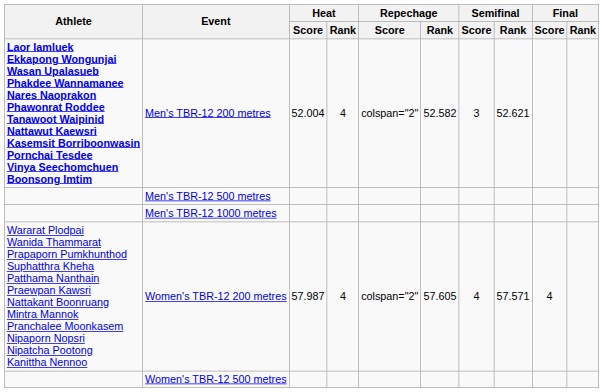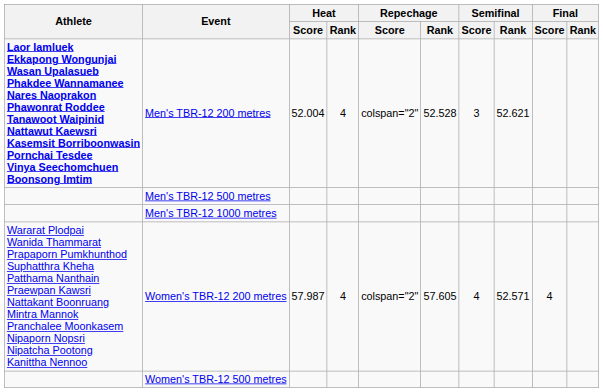 <table class="wikitable" style="font-size:90%; text-align:center">
 <tr>
 <th rowspan="2">Athlete</th>
 <th rowspan="2">Event</th>
 <th colspan="2">Heat</th>
 <th colspan="2">Repechage</th>
 <th colspan="2">Semifinal</th>
 <th colspan="2">Final</th>
 </tr>
 <tr>
 <th>Score</th>
 <th>Rank</th>
 <th>Score</th>
 <th>Rank</th>
 <th>Score</th>
 <th>Rank</th>
 <th>Score</th>
 <th>Rank</th>
 </tr>
 <tr>
 <td align="left"><strong><a href='#'>Laor Iamluek</a><br><a href='#'>Ekkapong Wongunjai</a><br><a href='#'>Wasan Upalasueb</a><br><a href='#'>Phakdee Wannamanee</a><br><a href='#'>Nares Naoprakon</a><br><a href='#'>Phawonrat Roddee</a><br><a href='#'>Tanawoot Waipinid</a><br><a href='#'>Nattawut Kaewsri</a><br><a href='#'>Kasemsit Borriboonwasin</a><br><a href='#'>Pornchai Tesdee</a><br><a href='#'>Vinya Seechomchuen</a><br><a href='#'>Boonsong Imtim</a> </strong></td>
 <td align="left"><a href='#'>Men's TBR-12 200 metres</a></td>
 <td>52.004</td>
 <td>4 <strong></strong></td>
 <td>colspan="2" </td>
-<td>52.582</td>
+<td>52.528</td>
 <td>3 <strong></strong></td>
 <td>52.621</td>
 <td></td>
 </tr>
 <tr>
 <td align="left"></td>
 <td align="left"><a href='#'>Men's TBR-12 500 metres</a></td>
 <td></td>
 <td></td>
 <td></td>
 <td></td>
 <td></td>
 <td></td>
 <td></td>
 <td></td>
 </tr>
 <tr>
 <td align="left"></td>
 <td align="left"><a href='#'>Men's TBR-12 1000 metres</a></td>
 <td></td>
 <td></td>
 <td></td>
 <td></td>
 <td></td>
 <td></td>
 <td></td>
 <td></td>
 </tr>
 <tr>
 <td align="left"><a href='#'>Wararat Plodpai</a><br><a href='#'>Wanida Thammarat</a><br><a href='#'>Prapaporn Pumkhunthod</a><br><a href='#'>Suphatthra Kheha</a><br><a href='#'>Patthama Nanthain</a><br><a href='#'>Praewpan Kawsri</a><br><a href='#'>Nattakant Boonruang</a><br><a href='#'>Mintra Mannok</a><br><a href='#'>Pranchalee Moonkasem</a><br><a href='#'>Nipaporn Nopsri</a><br><a href='#'>Nipatcha Pootong</a><br><a href='#'>Kanittha Nennoo</a></td>
 <td align="left"><a href='#'>Women's TBR-12 200 metres</a></td>
 <td>57.987</td>
 <td>4 <strong></strong></td>
 <td>colspan="2" </td>
 <td>57.605</td>
 <td>4 <strong></strong></td>
-<td>57.571</td>
+<td>52.571</td>
 <td>4</td>
 </tr>
 <tr>
 <td align="left"></td>
 <td align="left"><a href='#'>Women's TBR-12 500 metres</a></td>
 <td></td>
 <td></td>
 <td></td>
 <td></td>
 <td></td>
 <td></td>
 <td></td>
 <td></td>
 </tr>
 </table>
